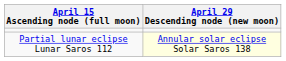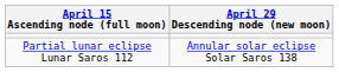 <table class="wikitable">
 <tr>
 <th><a href='#'>April 15</a><br>Ascending node (full moon)<br></th>
 <th><a href='#'>April 29</a><br>Descending node (new moon)<br></th>
 </tr>
 <tr>
 <td></td>
 <td></td>
 </tr>
 <tr align=center>
 <td><a href='#'>Partial lunar eclipse</a><br>Lunar Saros 112</td>
-<td style="background: lightyellow;"><a href='#'>Annular solar eclipse</a><br>Solar Saros 138</td>
+<td><a href='#'>Annular solar eclipse</a><br>Solar Saros 138</td>
 </tr>
 </table>
